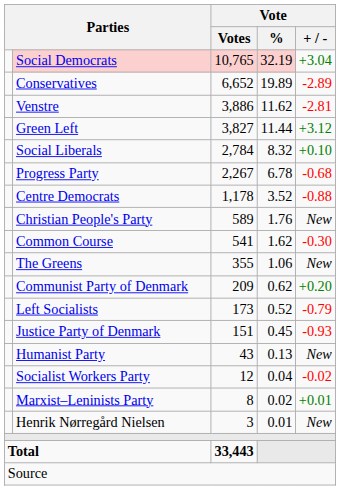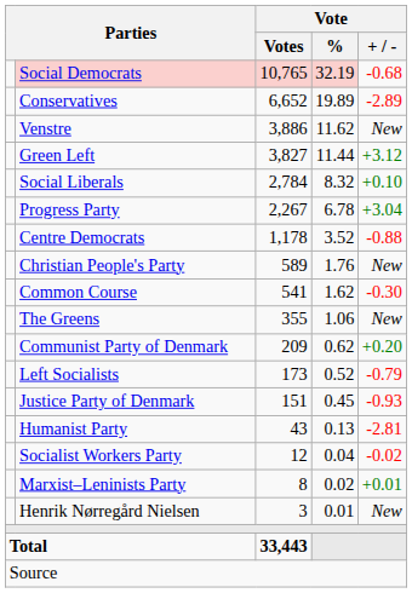 <table class="wikitable" style="text-align:right;">
 <tr>
 <th style="text-align:centre;" rowspan="2" colspan="2" width="225">Parties</th>
 <th colspan="3">Vote</th>
 </tr>
 <tr>
 <th width="15">Votes</th>
 <th width="15">%</th>
 <th width="15">+ / -</th>
 </tr>
 <tr>
 <td width="2" style="color:inherit;background:"></td>
 <td bgcolor=#fbd0ce  align="left"><a href='#'>Social Democrats</a></td>
 <td bgcolor=#fbd0ce>10,765</td>
 <td bgcolor=#fbd0ce>32.19</td>
-<td style=color:green;>+3.04</td>
+<td style=color:red;>-0.68</td>
 </tr>
 <tr>
 <td width="2" style="color:inherit;background:"></td>
 <td align="left"><a href='#'>Conservatives</a></td>
 <td>6,652</td>
 <td>19.89</td>
 <td style=color:red;>-2.89</td>
 </tr>
 <tr>
 <td width="2" style="color:inherit;background:"></td>
 <td align="left"><a href='#'>Venstre</a></td>
 <td>3,886</td>
 <td>11.62</td>
-<td style=color:red;>-2.81</td>
+<td><em>New</em></td>
 </tr>
 <tr>
 <td width="2" style="color:inherit;background:"></td>
 <td align="left"><a href='#'>Green Left</a></td>
 <td>3,827</td>
 <td>11.44</td>
 <td style=color:green;>+3.12</td>
 </tr>
 <tr>
 <td width="2" style="color:inherit;background:"></td>
 <td align="left"><a href='#'>Social Liberals</a></td>
 <td>2,784</td>
 <td>8.32</td>
 <td style=color:green;>+0.10</td>
 </tr>
 <tr>
 <td width="2" style="color:inherit;background:"></td>
 <td align="left"><a href='#'>Progress Party</a></td>
 <td>2,267</td>
 <td>6.78</td>
-<td style=color:red;>-0.68</td>
+<td style=color:green;>+3.04</td>
 </tr>
 <tr>
 <td width="2" style="color:inherit;background:"></td>
 <td align="left"><a href='#'>Centre Democrats</a></td>
 <td>1,178</td>
 <td>3.52</td>
 <td style=color:red;>-0.88</td>
 </tr>
 <tr>
 <td width="2" style="color:inherit;background:"></td>
 <td align="left"><a href='#'>Christian People's Party</a></td>
 <td>589</td>
 <td>1.76</td>
 <td><em>New</em></td>
 </tr>
 <tr>
 <td width="2" style="color:inherit;background:"></td>
 <td align="left"><a href='#'>Common Course</a></td>
 <td>541</td>
 <td>1.62</td>
 <td style=color:red;>-0.30</td>
 </tr>
 <tr>
 <td width="2" style="color:inherit;background:"></td>
 <td align="left"><a href='#'>The Greens</a></td>
 <td>355</td>
 <td>1.06</td>
 <td><em>New</em></td>
 </tr>
 <tr>
 <td width="2" style="color:inherit;background:"></td>
 <td align="left"><a href='#'>Communist Party of Denmark</a></td>
 <td>209</td>
 <td>0.62</td>
 <td style=color:green;>+0.20</td>
 </tr>
 <tr>
 <td width="2" style="color:inherit;background:"></td>
 <td align="left"><a href='#'>Left Socialists</a></td>
 <td>173</td>
 <td>0.52</td>
 <td style=color:red;>-0.79</td>
 </tr>
 <tr>
 <td width="2" style="color:inherit;background:"></td>
 <td align="left"><a href='#'>Justice Party of Denmark</a></td>
 <td>151</td>
 <td>0.45</td>
 <td style=color:red;>-0.93</td>
 </tr>
 <tr>
 <td width="2" style="color:inherit;background:"></td>
 <td align="left"><a href='#'>Humanist Party</a></td>
 <td>43</td>
 <td>0.13</td>
-<td><em>New</em></td>
+<td style=color:red;>-2.81</td>
 </tr>
 <tr>
 <td width="2" style="color:inherit;background:"></td>
 <td align="left"><a href='#'>Socialist Workers Party</a></td>
 <td>12</td>
 <td>0.04</td>
 <td style=color:red;>-0.02</td>
 </tr>
 <tr>
 <td width="2" style="color:inherit;background:"></td>
 <td align="left"><a href='#'>Marxist–Leninists Party</a></td>
 <td>8</td>
 <td>0.02</td>
 <td style=color:green;>+0.01</td>
 </tr>
 <tr>
 <td width="2" style="color:inherit;background:"></td>
 <td align="left">Henrik Nørregård Nielsen</td>
 <td>3</td>
 <td>0.01</td>
 <td><em>New</em></td>
 </tr>
 <tr>
 <td colspan="7" bgcolor="#E9E9E9"></td>
 </tr>
 <tr>
 <td align="left" colspan="2"><strong>Total</strong></td>
 <td><strong>33,443</strong></td>
 <td bgcolor="#E9E9E9" colspan="2"></td>
 </tr>
 <tr>
 <td align="left" colspan="6">Source</td>
 </tr>
 </table>
